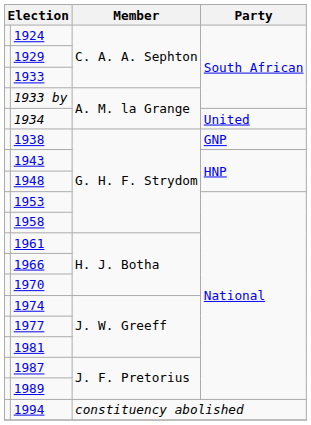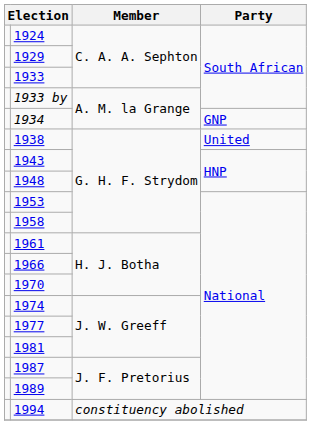 <table class="wikitable">
 <tr>
 <th colspan="2">Election</th>
 <th>Member</th>
 <th>Party</th>
 </tr>
 <tr>
 <td style="background-color: "></td>
 <td><a href='#'>1924</a></td>
 <td rowspan="3">C. A. A. Sephton</td>
 <td rowspan="4"><a href='#'>South African</a></td>
 </tr>
 <tr>
 <td style="background-color: "></td>
 <td><a href='#'>1929</a></td>
 </tr>
 <tr>
 <td style="background-color: "></td>
 <td><a href='#'>1933</a></td>
 </tr>
 <tr>
 <td style="background-color: "></td>
 <td><em>1933 by</em></td>
 <td rowspan="2">A. M. la Grange</td>
 </tr>
 <tr>
 <td style="background-color: "></td>
 <td><em>1934</em></td>
-<td><a href='#'>United</a></td>
+<td><a href='#'>GNP</a></td>
 </tr>
 <tr>
 <td style="background-color: "></td>
 <td><a href='#'>1938</a></td>
 <td rowspan="5">G. H. F. Strydom</td>
-<td><a href='#'>GNP</a></td>
+<td><a href='#'>United</a></td>
 </tr>
 <tr>
 <td style="background-color: "></td>
 <td><a href='#'>1943</a></td>
 <td rowspan="2"><a href='#'>HNP</a></td>
 </tr>
 <tr>
 <td style="background-color: "></td>
 <td><a href='#'>1948</a></td>
 </tr>
 <tr>
 <td style="background-color: "></td>
 <td><a href='#'>1953</a></td>
 <td rowspan="10"><a href='#'>National</a></td>
 </tr>
 <tr>
 <td style="background-color: "></td>
 <td><a href='#'>1958</a></td>
 </tr>
 <tr>
 <td style="background-color: "></td>
 <td><a href='#'>1961</a></td>
 <td rowspan="3">H. J. Botha</td>
 </tr>
 <tr>
 <td style="background-color: "></td>
 <td><a href='#'>1966</a></td>
 </tr>
 <tr>
 <td style="background-color: "></td>
 <td><a href='#'>1970</a></td>
 </tr>
 <tr>
 <td style="background-color: "></td>
 <td><a href='#'>1974</a></td>
 <td rowspan="3">J. W. Greeff</td>
 </tr>
 <tr>
 <td style="background-color: "></td>
 <td><a href='#'>1977</a></td>
 </tr>
 <tr>
 <td style="background-color: "></td>
 <td><a href='#'>1981</a></td>
 </tr>
 <tr>
 <td style="background-color: "></td>
 <td><a href='#'>1987</a></td>
 <td rowspan="2">J. F. Pretorius</td>
 </tr>
 <tr>
 <td style="background-color: "></td>
 <td><a href='#'>1989</a></td>
 </tr>
 <tr>
 <td style="background-color: "></td>
 <td><a href='#'>1994</a></td>
 <td colspan="2"><em>constituency abolished</em></td>
 </tr>
 <tr>
 </tr>
 </table>
